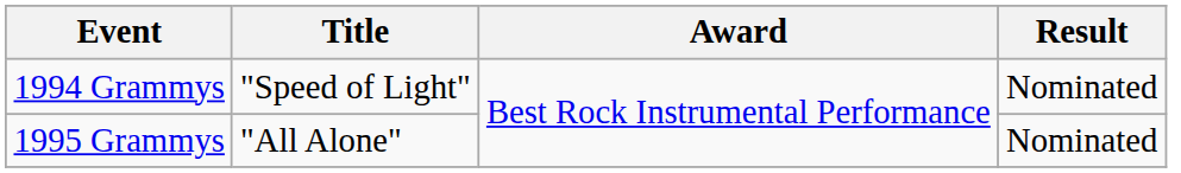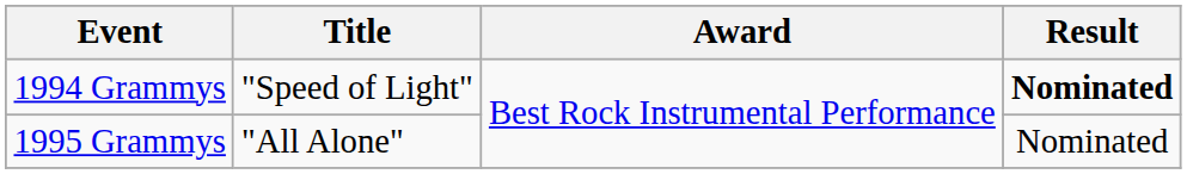 <table class="wikitable">
 <tr>
 <th>Event</th>
 <th>Title</th>
 <th>Award</th>
 <th>Result</th>
 </tr>
 <tr>
 <td><a href='#'>1994 Grammys</a></td>
 <td>"Speed of Light"</td>
 <td rowspan="2"><a href='#'>Best Rock Instrumental Performance</a></td>
-<td align="center">Nominated</td>
+<td align="center"><strong>Nominated</strong></td>
 </tr>
 <tr>
 <td><a href='#'>1995 Grammys</a></td>
 <td>"All Alone"</td>
 <td align="center">Nominated</td>
 </tr>
 </table>
